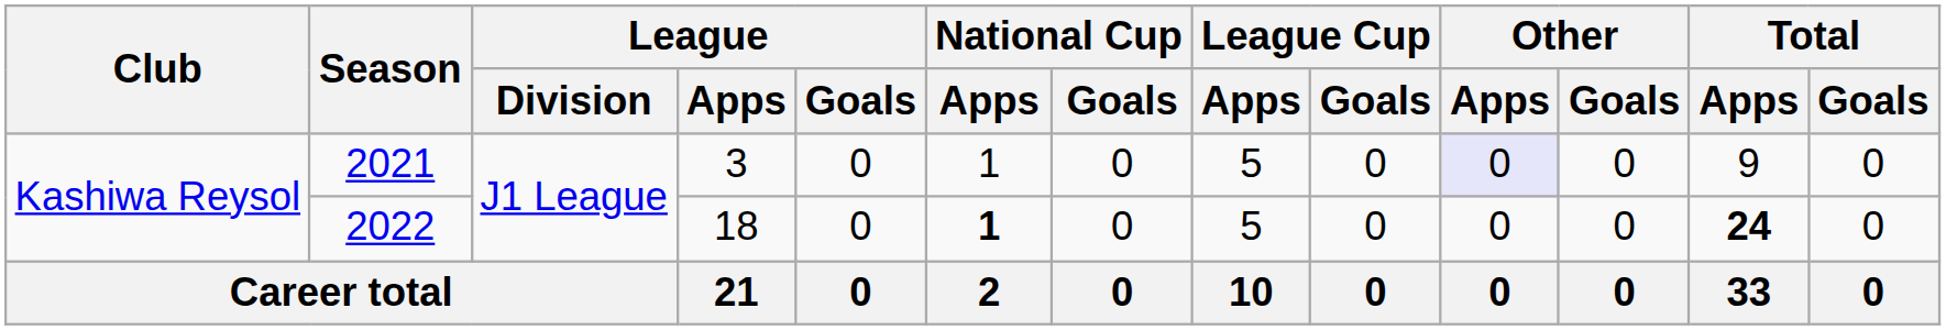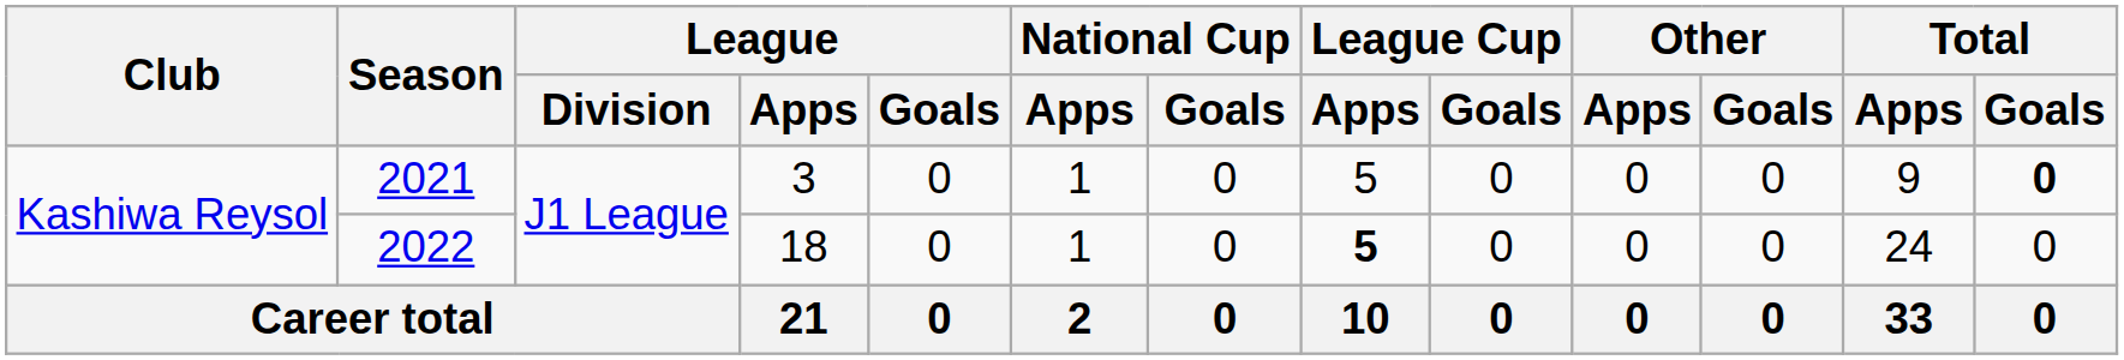 <table class="wikitable" style="text-align: center">
 <tr>
 <th rowspan="2">Club</th>
 <th rowspan="2">Season</th>
 <th colspan="3">League</th>
 <th colspan="2">National Cup</th>
 <th colspan="2">League Cup</th>
 <th colspan="2">Other</th>
 <th colspan="2">Total</th>
 </tr>
 <tr>
 <th>Division</th>
 <th>Apps</th>
 <th>Goals</th>
 <th>Apps</th>
 <th>Goals</th>
 <th>Apps</th>
 <th>Goals</th>
 <th>Apps</th>
 <th>Goals</th>
 <th>Apps</th>
 <th>Goals</th>
 </tr>
 <tr>
 <td rowspan="2"><a href='#'>Kashiwa Reysol</a></td>
 <td><a href='#'>2021</a></td>
 <td rowspan="2"><a href='#'>J1 League</a></td>
 <td>3</td>
 <td>0</td>
 <td>1</td>
 <td>0</td>
 <td>5</td>
 <td>0</td>
-<td style="background: lavender;">0</td>
+<td>0</td>
 <td>0</td>
 <td>9</td>
-<td>0</td>
+<td><strong>0</strong></td>
 </tr>
 <tr>
 <td><a href='#'>2022</a></td>
 <td>18</td>
 <td>0</td>
-<td><strong>1</strong></td>
+<td>1</td>
 <td>0</td>
-<td>5</td>
+<td><strong>5</strong></td>
 <td>0</td>
 <td>0</td>
 <td>0</td>
-<td><strong>24</strong></td>
+<td>24</td>
 <td>0</td>
 </tr>
 <tr>
 <th colspan="3">Career total</th>
 <th>21</th>
 <th>0</th>
 <th>2</th>
 <th>0</th>
 <th>10</th>
 <th>0</th>
 <th>0</th>
 <th>0</th>
 <th>33</th>
 <th>0</th>
 </tr>
 </table>
